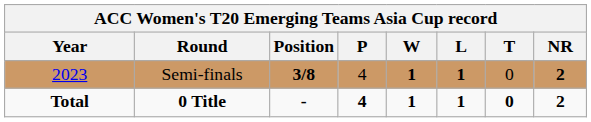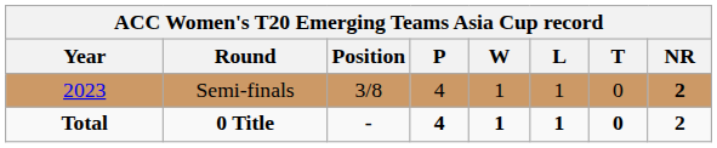 <table class="wikitable" style="text-align: center; width:85%">
 <tr>
 <th colspan=10>ACC Women's T20 Emerging Teams Asia Cup record</th>
 </tr>
 <tr>
 <th width=150>Year</th>
 <th width=150>Round</th>
 <th width=50>Position</th>
 <th width=50>P</th>
 <th width=50>W</th>
 <th width=50>L</th>
 <th width=50>T</th>
 <th width=50>NR</th>
 </tr>
 <tr style="background:#cc9966;">
 <td> <a href='#'>2023</a></td>
 <td>Semi-finals</td>
-<td><strong>3/8</strong></td>
+<td>3/8</td>
 <td>4</td>
-<td><strong>1</strong></td>
-<td><strong>1</strong></td>
+<td>1</td>
+<td>1</td>
 <td>0</td>
 <td><strong>2</strong></td>
 </tr>
 <tr>
 <td><strong>Total</strong></td>
 <td><strong>0 Title</strong></td>
 <td><strong>-</strong></td>
 <td><strong>4</strong></td>
 <td><strong>1</strong></td>
 <td><strong>1</strong></td>
 <td><strong>0</strong></td>
 <td><strong>2</strong></td>
 </tr>
 </table>
